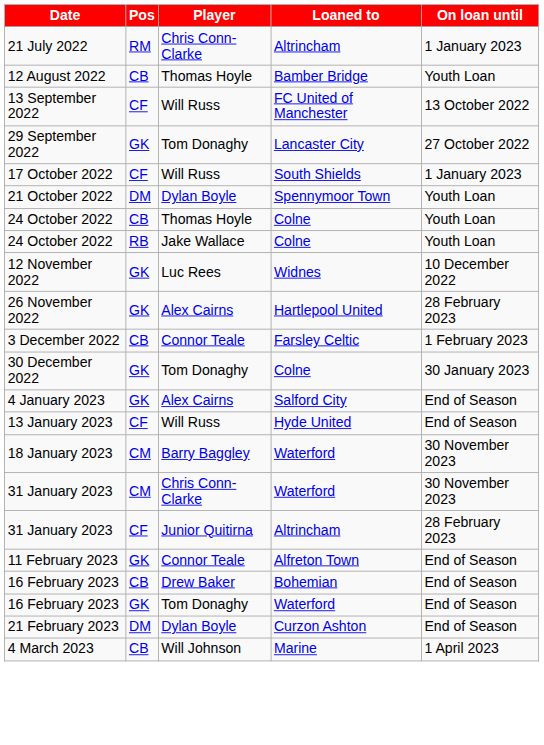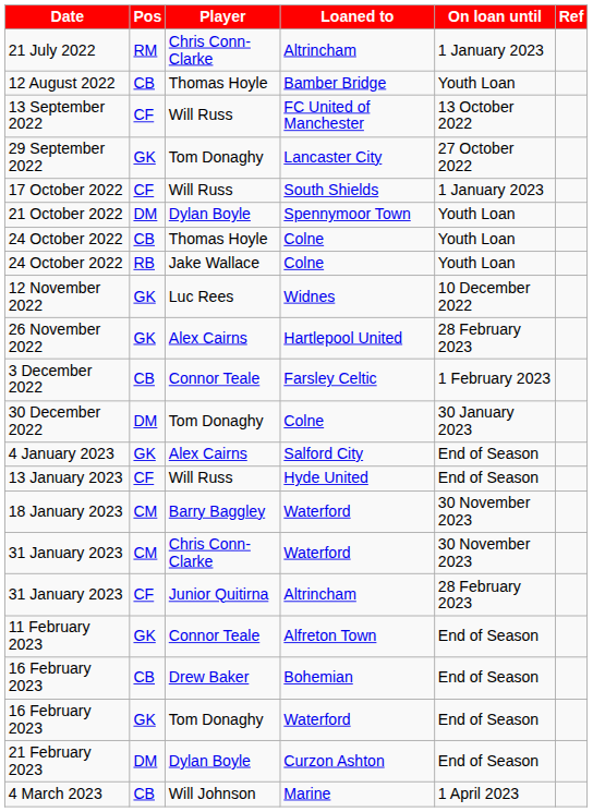 <table class="wikitable plainrowheaders sortable">
 <tr>
 <th style="background:#FF0000; color:#ffffff; ">Date</th>
 <th style="background:#FF0000; color:#ffffff; ">Pos</th>
 <th style="background:#FF0000; color:#ffffff; ">Player</th>
 <th style="background:#FF0000; color:#ffffff; ">Loaned to</th>
 <th style="background:#FF0000; color:#ffffff; ">On loan until</th>
+<th style="background:#FF0000; color:#ffffff; ">Ref</th>
 </tr>
 <tr>
 <td>21 July 2022</td>
 <td><a href='#'>RM</a></td>
 <td> <a href='#'>Chris Conn-Clarke</a></td>
 <td> <a href='#'>Altrincham</a></td>
 <td>1 January 2023</td>
+<td></td>
 </tr>
 <tr>
 <td>12 August 2022</td>
 <td><a href='#'>CB</a></td>
 <td> Thomas Hoyle</td>
 <td> <a href='#'>Bamber Bridge</a></td>
 <td>Youth Loan</td>
+<td></td>
 </tr>
 <tr>
 <td>13 September 2022</td>
 <td><a href='#'>CF</a></td>
 <td> Will Russ</td>
 <td> <a href='#'>FC United of Manchester</a></td>
 <td>13 October 2022</td>
+<td></td>
 </tr>
 <tr>
 <td>29 September 2022</td>
 <td><a href='#'>GK</a></td>
 <td> Tom Donaghy</td>
 <td> <a href='#'>Lancaster City</a></td>
 <td>27 October 2022</td>
+<td></td>
 </tr>
 <tr>
 <td>17 October 2022</td>
 <td><a href='#'>CF</a></td>
 <td> Will Russ</td>
 <td> <a href='#'>South Shields</a></td>
 <td>1 January 2023</td>
+<td></td>
 </tr>
 <tr>
 <td>21 October 2022</td>
 <td><a href='#'>DM</a></td>
 <td> <a href='#'>Dylan Boyle</a></td>
 <td> <a href='#'>Spennymoor Town</a></td>
 <td>Youth Loan</td>
+<td></td>
 </tr>
 <tr>
 <td>24 October 2022</td>
 <td><a href='#'>CB</a></td>
 <td> Thomas Hoyle</td>
 <td> <a href='#'>Colne</a></td>
 <td>Youth Loan</td>
+<td></td>
 </tr>
 <tr>
 <td>24 October 2022</td>
 <td><a href='#'>RB</a></td>
 <td> Jake Wallace</td>
 <td> <a href='#'>Colne</a></td>
 <td>Youth Loan</td>
+<td></td>
 </tr>
 <tr>
 <td>12 November 2022</td>
 <td><a href='#'>GK</a></td>
 <td> Luc Rees</td>
 <td> <a href='#'>Widnes</a></td>
 <td>10 December 2022</td>
+<td></td>
 </tr>
 <tr>
 <td>26 November 2022</td>
 <td><a href='#'>GK</a></td>
 <td> <a href='#'>Alex Cairns</a></td>
 <td> <a href='#'>Hartlepool United</a></td>
 <td>28 February 2023</td>
+<td></td>
 </tr>
 <tr>
 <td>3 December 2022</td>
 <td><a href='#'>CB</a></td>
 <td> <a href='#'>Connor Teale</a></td>
 <td> <a href='#'>Farsley Celtic</a></td>
 <td>1 February 2023</td>
+<td></td>
 </tr>
 <tr>
 <td>30 December 2022</td>
-<td><a href='#'>GK</a></td>
+<td><a href='#'>DM</a></td>
 <td> Tom Donaghy</td>
 <td> <a href='#'>Colne</a></td>
 <td>30 January 2023</td>
+<td></td>
 </tr>
 <tr>
 <td>4 January 2023</td>
 <td><a href='#'>GK</a></td>
 <td> <a href='#'>Alex Cairns</a></td>
 <td> <a href='#'>Salford City</a></td>
 <td>End of Season</td>
+<td></td>
 </tr>
 <tr>
 <td>13 January 2023</td>
 <td><a href='#'>CF</a></td>
 <td> Will Russ</td>
 <td> <a href='#'>Hyde United</a></td>
 <td>End of Season</td>
+<td></td>
 </tr>
 <tr>
 <td>18 January 2023</td>
 <td><a href='#'>CM</a></td>
 <td> <a href='#'>Barry Baggley</a></td>
 <td> <a href='#'>Waterford</a></td>
 <td>30 November 2023</td>
+<td></td>
 </tr>
 <tr>
 <td>31 January 2023</td>
 <td><a href='#'>CM</a></td>
 <td> <a href='#'>Chris Conn-Clarke</a></td>
 <td> <a href='#'>Waterford</a></td>
 <td>30 November 2023</td>
+<td></td>
 </tr>
 <tr>
 <td>31 January 2023</td>
 <td><a href='#'>CF</a></td>
 <td> <a href='#'>Junior Quitirna</a></td>
 <td> <a href='#'>Altrincham</a></td>
 <td>28 February 2023</td>
+<td></td>
 </tr>
 <tr>
 <td>11 February 2023</td>
 <td><a href='#'>GK</a></td>
 <td> <a href='#'>Connor Teale</a></td>
 <td> <a href='#'>Alfreton Town</a></td>
 <td>End of Season</td>
+<td></td>
 </tr>
 <tr>
 <td>16 February 2023</td>
 <td><a href='#'>CB</a></td>
 <td> <a href='#'>Drew Baker</a></td>
 <td> <a href='#'>Bohemian</a></td>
 <td>End of Season</td>
+<td></td>
 </tr>
 <tr>
 <td>16 February 2023</td>
 <td><a href='#'>GK</a></td>
 <td> Tom Donaghy</td>
 <td> <a href='#'>Waterford</a></td>
 <td>End of Season</td>
+<td></td>
 </tr>
 <tr>
 <td>21 February 2023</td>
 <td><a href='#'>DM</a></td>
 <td> <a href='#'>Dylan Boyle</a></td>
 <td> <a href='#'>Curzon Ashton</a></td>
 <td>End of Season</td>
+<td></td>
 </tr>
 <tr>
 <td>4 March 2023</td>
 <td><a href='#'>CB</a></td>
 <td> Will Johnson</td>
 <td> <a href='#'>Marine</a></td>
 <td>1 April 2023</td>
+<td></td>
 </tr>
 </table>
